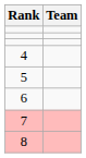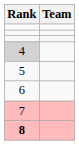 <table class=wikitable style="text-align:center;">
 <tr>
 <th>Rank</th>
 <th>Team</th>
 </tr>
 <tr>
 <td></td>
 <td align=left></td>
 </tr>
 <tr>
 <td></td>
 <td align=left></td>
 </tr>
 <tr>
 <td></td>
 <td align=left></td>
 </tr>
 <tr>
-<td>4</td>
+<td style="background: lightgrey;">4</td>
 <td align=left></td>
 </tr>
 <tr>
 <td>5</td>
 <td align=left></td>
 </tr>
 <tr>
 <td>6</td>
 <td align=left></td>
 </tr>
 <tr bgcolor=ffbbbb>
 <td>7</td>
 <td align=left></td>
 </tr>
 <tr bgcolor=ffbbbb>
-<td>8</td>
+<td><strong>8</strong></td>
 <td align=left></td>
 </tr>
 </table>
